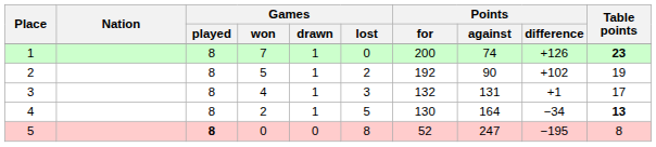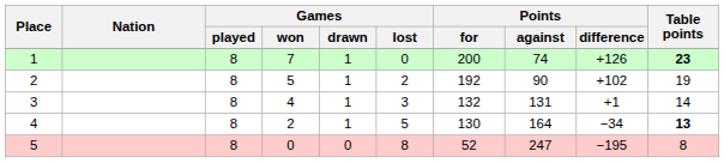 <table class="wikitable">
 <tr>
 <th rowspan=2 width="8%">Place</th>
 <th rowspan=2 width="20%">Nation</th>
 <th colspan=4 width="32%">Games</th>
 <th colspan=3 width="30%">Points</th>
 <th rowspan=2 width="10%">Table<br>points</th>
 </tr>
 <tr>
 <th width="8%">played</th>
 <th width="8%">won</th>
 <th width="8%">drawn</th>
 <th width="8%">lost</th>
 <th width="10%">for</th>
 <th width="10%">against</th>
 <th width="10%">difference</th>
 </tr>
 <tr>
 </tr>
 <tr bgcolor=#ccffcc align=center>
 <td>1</td>
 <td align=left><strong></strong></td>
 <td>8</td>
 <td>7</td>
 <td>1</td>
 <td>0</td>
 <td>200</td>
 <td>74</td>
 <td>+126</td>
 <td><strong>23</strong></td>
 </tr>
 <tr bgcolor=#ffffff align=center>
 <td>2</td>
 <td align=left></td>
 <td>8</td>
 <td>5</td>
 <td>1</td>
 <td>2</td>
 <td>192</td>
 <td>90</td>
 <td>+102</td>
 <td>19</td>
 </tr>
 <tr bgcolor=#ffffff align=center>
 <td>3</td>
 <td align=left></td>
 <td>8</td>
 <td>4</td>
 <td>1</td>
 <td>3</td>
 <td>132</td>
 <td>131</td>
 <td>+1</td>
-<td>17</td>
+<td>14</td>
 </tr>
 <tr bgcolor=#ffffff align=center>
 <td>4</td>
 <td align=left></td>
 <td>8</td>
 <td>2</td>
 <td>1</td>
 <td>5</td>
 <td>130</td>
 <td>164</td>
 <td>−34</td>
 <td><strong>13</strong></td>
 </tr>
 <tr bgcolor=#ffcccc align=center>
 <td>5</td>
 <td align=left></td>
-<td><strong>8</strong></td>
+<td>8</td>
 <td>0</td>
 <td>0</td>
 <td>8</td>
 <td>52</td>
 <td>247</td>
 <td>−195</td>
 <td>8</td>
 </tr>
 </table>
